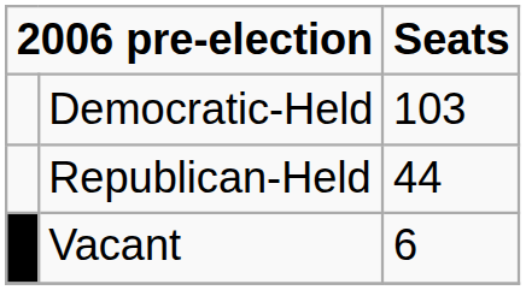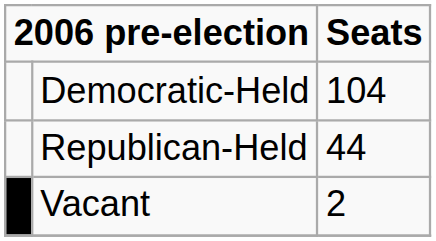 <table class="wikitable">
 <tr>
 <td colspan="2" rowspan="1" align="center" valign="top"><strong>2006 pre-election</strong></td>
 <td style="vertical-align:top;"><strong>Seats</strong><br></td>
 </tr>
 <tr>
 <td style="background-color:"> </td>
 <td>Democratic-Held</td>
-<td>103</td>
+<td>104</td>
 </tr>
 <tr>
 <td style="background-color:"> </td>
 <td>Republican-Held</td>
 <td>44</td>
 </tr>
 <tr>
 <td bgcolor="black"> </td>
 <td>Vacant</td>
-<td>6</td>
+<td>2</td>
 </tr>
 <tr>
 </tr>
 </table>
